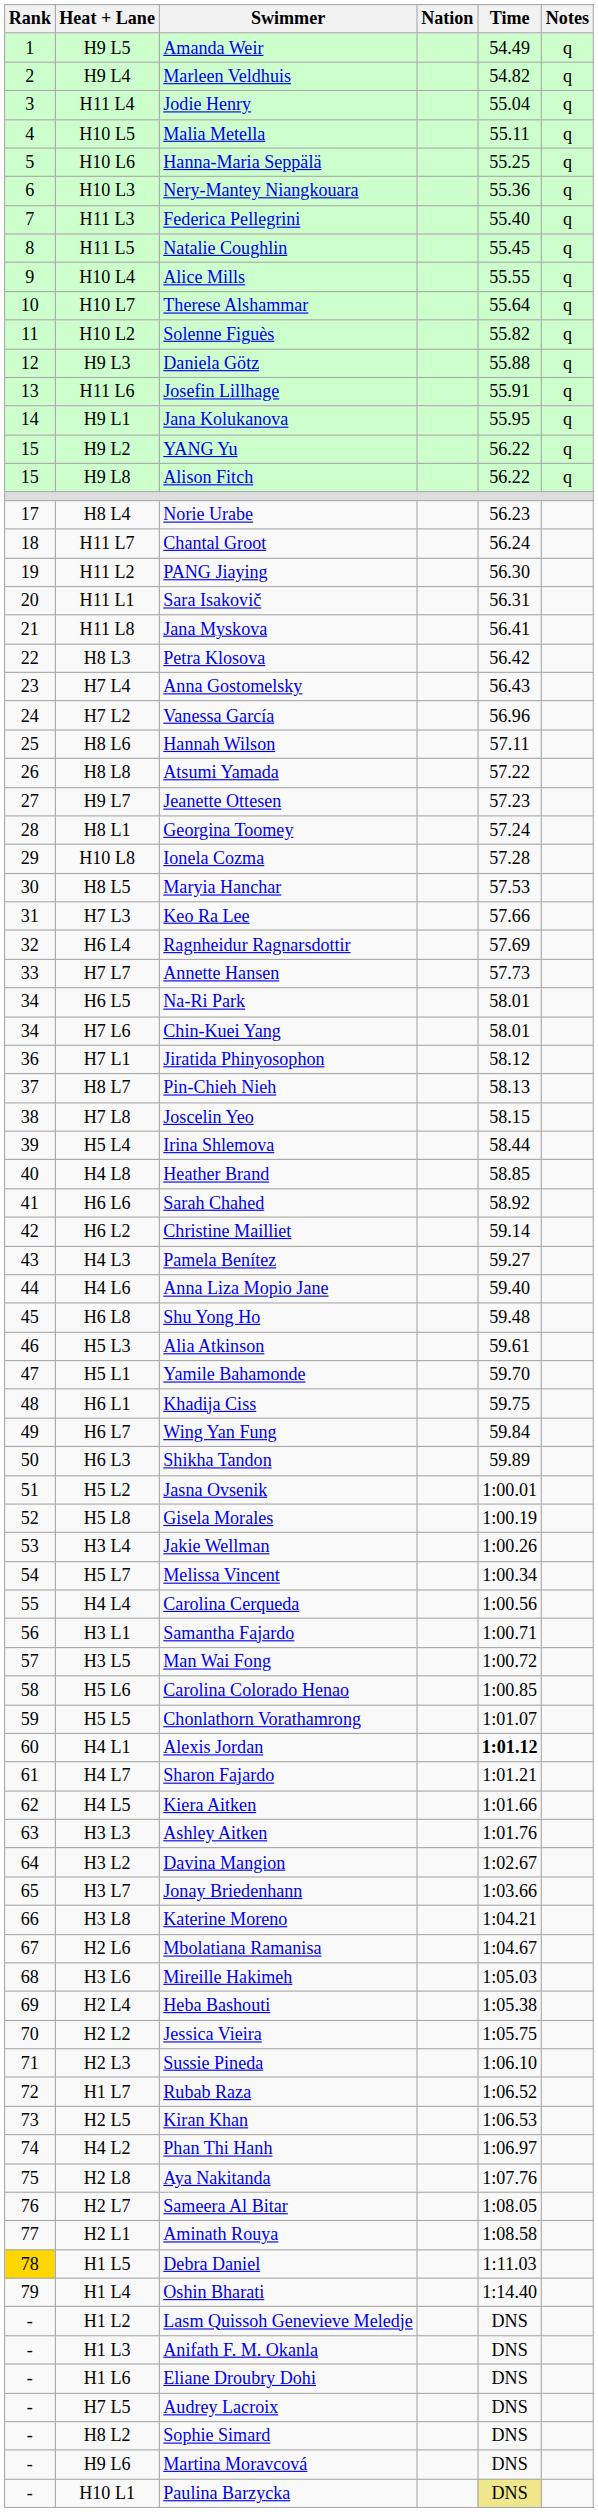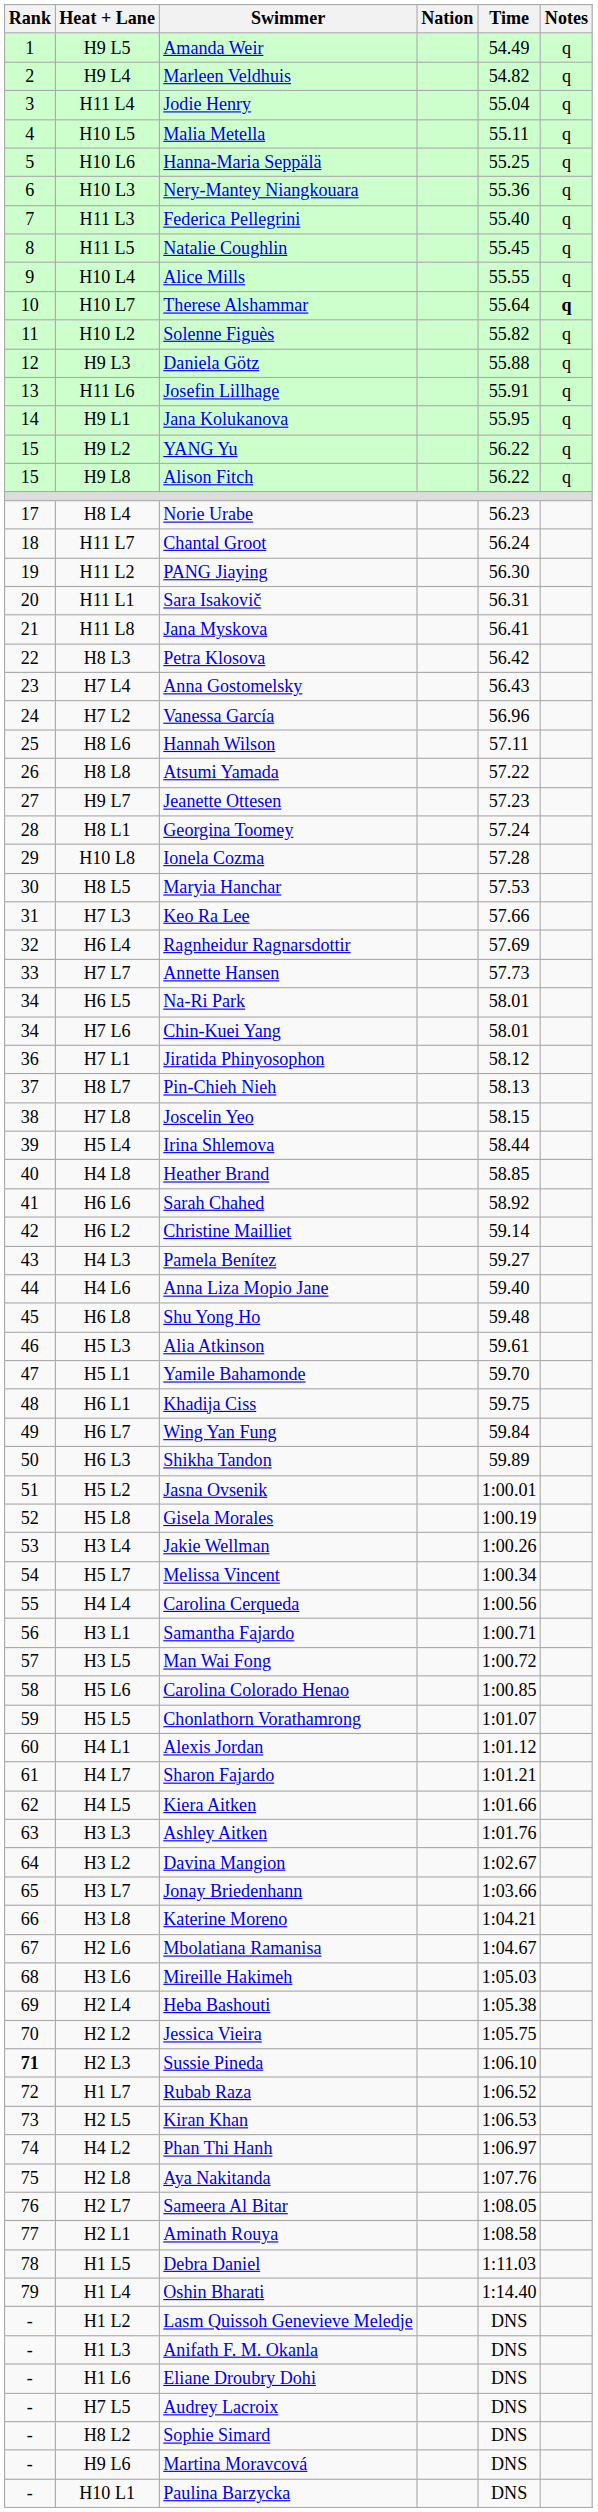 <table class="wikitable sortable" style="text-align:center">
 <tr>
 <th>Rank</th>
 <th>Heat + Lane</th>
 <th>Swimmer</th>
 <th>Nation</th>
 <th>Time</th>
 <th>Notes</th>
 </tr>
 <tr bgcolor=ccffcc>
 <td>1</td>
 <td>H9 L5</td>
 <td align=left><a href='#'>Amanda Weir</a></td>
 <td align=left></td>
 <td>54.49</td>
 <td>q</td>
 </tr>
 <tr bgcolor=ccffcc>
 <td>2</td>
 <td>H9 L4</td>
 <td align=left><a href='#'>Marleen Veldhuis</a></td>
 <td align=left></td>
 <td>54.82</td>
 <td>q</td>
 </tr>
 <tr bgcolor=ccffcc>
 <td>3</td>
 <td>H11 L4</td>
 <td align=left><a href='#'>Jodie Henry</a></td>
 <td align=left></td>
 <td>55.04</td>
 <td>q</td>
 </tr>
 <tr bgcolor=ccffcc>
 <td>4</td>
 <td>H10 L5</td>
 <td align=left><a href='#'>Malia Metella</a></td>
 <td align=left></td>
 <td>55.11</td>
 <td>q</td>
 </tr>
 <tr bgcolor=ccffcc>
 <td>5</td>
 <td>H10 L6</td>
 <td align=left><a href='#'>Hanna-Maria Seppälä</a></td>
 <td align=left></td>
 <td>55.25</td>
 <td>q</td>
 </tr>
 <tr bgcolor=ccffcc>
 <td>6</td>
 <td>H10 L3</td>
 <td align=left><a href='#'>Nery-Mantey Niangkouara</a></td>
 <td align=left></td>
 <td>55.36</td>
 <td>q</td>
 </tr>
 <tr bgcolor=ccffcc>
 <td>7</td>
 <td>H11 L3</td>
 <td align=left><a href='#'>Federica Pellegrini</a></td>
 <td align=left></td>
 <td>55.40</td>
 <td>q</td>
 </tr>
 <tr bgcolor=ccffcc>
 <td>8</td>
 <td>H11 L5</td>
 <td align=left><a href='#'>Natalie Coughlin</a></td>
 <td align=left></td>
 <td>55.45</td>
 <td>q</td>
 </tr>
 <tr bgcolor=ccffcc>
 <td>9</td>
 <td>H10 L4</td>
 <td align=left><a href='#'>Alice Mills</a></td>
 <td align=left></td>
 <td>55.55</td>
 <td>q</td>
 </tr>
 <tr bgcolor=ccffcc>
 <td>10</td>
 <td>H10 L7</td>
 <td align=left><a href='#'>Therese Alshammar</a></td>
 <td align=left></td>
 <td>55.64</td>
-<td>q</td>
+<td><strong>q</strong></td>
 </tr>
 <tr bgcolor=ccffcc>
 <td>11</td>
 <td>H10 L2</td>
 <td align=left><a href='#'>Solenne Figuès</a></td>
 <td align=left></td>
 <td>55.82</td>
 <td>q</td>
 </tr>
 <tr bgcolor=ccffcc>
 <td>12</td>
 <td>H9 L3</td>
 <td align=left><a href='#'>Daniela Götz</a></td>
 <td align=left></td>
 <td>55.88</td>
 <td>q</td>
 </tr>
 <tr bgcolor=ccffcc>
 <td>13</td>
 <td>H11 L6</td>
 <td align=left><a href='#'>Josefin Lillhage</a></td>
 <td align=left></td>
 <td>55.91</td>
 <td>q</td>
 </tr>
 <tr bgcolor=ccffcc>
 <td>14</td>
 <td>H9 L1</td>
 <td align=left><a href='#'>Jana Kolukanova</a></td>
 <td align=left></td>
 <td>55.95</td>
 <td>q</td>
 </tr>
 <tr bgcolor=ccffcc>
 <td>15</td>
 <td>H9 L2</td>
 <td align=left><a href='#'>YANG Yu</a></td>
 <td align=left></td>
 <td>56.22</td>
 <td>q</td>
 </tr>
 <tr bgcolor=ccffcc>
 <td>15</td>
 <td>H9 L8</td>
 <td align=left><a href='#'>Alison Fitch</a></td>
 <td align=left></td>
 <td>56.22</td>
 <td>q</td>
 </tr>
 <tr bgcolor=#DDDDDD>
 <td colspan=6></td>
 </tr>
 <tr>
 <td>17</td>
 <td>H8 L4</td>
 <td align=left><a href='#'>Norie Urabe</a></td>
 <td align=left></td>
 <td>56.23</td>
 <td></td>
 </tr>
 <tr>
 <td>18</td>
 <td>H11 L7</td>
 <td align=left><a href='#'>Chantal Groot</a></td>
 <td align=left></td>
 <td>56.24</td>
 <td></td>
 </tr>
 <tr>
 <td>19</td>
 <td>H11 L2</td>
 <td align=left><a href='#'>PANG Jiaying</a></td>
 <td align=left></td>
 <td>56.30</td>
 <td></td>
 </tr>
 <tr>
 <td>20</td>
 <td>H11 L1</td>
 <td align=left><a href='#'>Sara Isakovič</a></td>
 <td align=left></td>
 <td>56.31</td>
 <td></td>
 </tr>
 <tr>
 <td>21</td>
 <td>H11 L8</td>
 <td align=left><a href='#'>Jana Myskova</a></td>
 <td align=left></td>
 <td>56.41</td>
 <td></td>
 </tr>
 <tr>
 <td>22</td>
 <td>H8 L3</td>
 <td align=left><a href='#'>Petra Klosova</a></td>
 <td align=left></td>
 <td>56.42</td>
 <td></td>
 </tr>
 <tr>
 <td>23</td>
 <td>H7 L4</td>
 <td align=left><a href='#'>Anna Gostomelsky</a></td>
 <td align=left></td>
 <td>56.43</td>
 <td></td>
 </tr>
 <tr>
 <td>24</td>
 <td>H7 L2</td>
 <td align=left><a href='#'>Vanessa García</a></td>
 <td align=left></td>
 <td>56.96</td>
 <td></td>
 </tr>
 <tr>
 <td>25</td>
 <td>H8 L6</td>
 <td align=left><a href='#'>Hannah Wilson</a></td>
 <td align=left></td>
 <td>57.11</td>
 <td></td>
 </tr>
 <tr>
 <td>26</td>
 <td>H8 L8</td>
 <td align=left><a href='#'>Atsumi Yamada</a></td>
 <td align=left></td>
 <td>57.22</td>
 <td></td>
 </tr>
 <tr>
 <td>27</td>
 <td>H9 L7</td>
 <td align=left><a href='#'>Jeanette Ottesen</a></td>
 <td align=left></td>
 <td>57.23</td>
 <td></td>
 </tr>
 <tr>
 <td>28</td>
 <td>H8 L1</td>
 <td align=left><a href='#'>Georgina Toomey</a></td>
 <td align=left></td>
 <td>57.24</td>
 <td></td>
 </tr>
 <tr>
 <td>29</td>
 <td>H10 L8</td>
 <td align=left><a href='#'>Ionela Cozma</a></td>
 <td align=left></td>
 <td>57.28</td>
 <td></td>
 </tr>
 <tr>
 <td>30</td>
 <td>H8 L5</td>
 <td align=left><a href='#'>Maryia Hanchar</a></td>
 <td align=left></td>
 <td>57.53</td>
 <td></td>
 </tr>
 <tr>
 <td>31</td>
 <td>H7 L3</td>
 <td align=left><a href='#'>Keo Ra Lee</a></td>
 <td align=left></td>
 <td>57.66</td>
 <td></td>
 </tr>
 <tr>
 <td>32</td>
 <td>H6 L4</td>
 <td align=left><a href='#'>Ragnheidur Ragnarsdottir</a></td>
 <td align=left></td>
 <td>57.69</td>
 <td></td>
 </tr>
 <tr>
 <td>33</td>
 <td>H7 L7</td>
 <td align=left><a href='#'>Annette Hansen</a></td>
 <td align=left></td>
 <td>57.73</td>
 <td></td>
 </tr>
 <tr>
 <td>34</td>
 <td>H6 L5</td>
 <td align=left><a href='#'>Na-Ri Park</a></td>
 <td align=left></td>
 <td>58.01</td>
 <td></td>
 </tr>
 <tr>
 <td>34</td>
 <td>H7 L6</td>
 <td align=left><a href='#'>Chin-Kuei Yang</a></td>
 <td align=left></td>
 <td>58.01</td>
 <td></td>
 </tr>
 <tr>
 <td>36</td>
 <td>H7 L1</td>
 <td align=left><a href='#'>Jiratida Phinyosophon</a></td>
 <td align=left></td>
 <td>58.12</td>
 <td></td>
 </tr>
 <tr>
 <td>37</td>
 <td>H8 L7</td>
 <td align=left><a href='#'>Pin-Chieh Nieh</a></td>
 <td align=left></td>
 <td>58.13</td>
 <td></td>
 </tr>
 <tr>
 <td>38</td>
 <td>H7 L8</td>
 <td align=left><a href='#'>Joscelin Yeo</a></td>
 <td align=left></td>
 <td>58.15</td>
 <td></td>
 </tr>
 <tr>
 <td>39</td>
 <td>H5 L4</td>
 <td align=left><a href='#'>Irina Shlemova</a></td>
 <td align=left></td>
 <td>58.44</td>
 <td></td>
 </tr>
 <tr>
 <td>40</td>
 <td>H4 L8</td>
 <td align=left><a href='#'>Heather Brand</a></td>
 <td align=left></td>
 <td>58.85</td>
 <td></td>
 </tr>
 <tr>
 <td>41</td>
 <td>H6 L6</td>
 <td align=left><a href='#'>Sarah Chahed</a></td>
 <td align=left></td>
 <td>58.92</td>
 <td></td>
 </tr>
 <tr>
 <td>42</td>
 <td>H6 L2</td>
 <td align=left><a href='#'>Christine Mailliet</a></td>
 <td align=left></td>
 <td>59.14</td>
 <td></td>
 </tr>
 <tr>
 <td>43</td>
 <td>H4 L3</td>
 <td align=left><a href='#'>Pamela Benítez</a></td>
 <td align=left></td>
 <td>59.27</td>
 <td></td>
 </tr>
 <tr>
 <td>44</td>
 <td>H4 L6</td>
 <td align=left><a href='#'>Anna Liza Mopio Jane</a></td>
 <td align=left></td>
 <td>59.40</td>
 <td></td>
 </tr>
 <tr>
 <td>45</td>
 <td>H6 L8</td>
 <td align=left><a href='#'>Shu Yong Ho</a></td>
 <td align=left></td>
 <td>59.48</td>
 <td></td>
 </tr>
 <tr>
 <td>46</td>
 <td>H5 L3</td>
 <td align=left><a href='#'>Alia Atkinson</a></td>
 <td align=left></td>
 <td>59.61</td>
 <td></td>
 </tr>
 <tr>
 <td>47</td>
 <td>H5 L1</td>
 <td align=left><a href='#'>Yamile Bahamonde</a></td>
 <td align=left></td>
 <td>59.70</td>
 <td></td>
 </tr>
 <tr>
 <td>48</td>
 <td>H6 L1</td>
 <td align=left><a href='#'>Khadija Ciss</a></td>
 <td align=left></td>
 <td>59.75</td>
 <td></td>
 </tr>
 <tr>
 <td>49</td>
 <td>H6 L7</td>
 <td align=left><a href='#'>Wing Yan Fung</a></td>
 <td align=left></td>
 <td>59.84</td>
 <td></td>
 </tr>
 <tr>
 <td>50</td>
 <td>H6 L3</td>
 <td align=left><a href='#'>Shikha Tandon</a></td>
 <td align=left></td>
 <td>59.89</td>
 <td></td>
 </tr>
 <tr>
 <td>51</td>
 <td>H5 L2</td>
 <td align=left><a href='#'>Jasna Ovsenik</a></td>
 <td align=left></td>
 <td>1:00.01</td>
 <td></td>
 </tr>
 <tr>
 <td>52</td>
 <td>H5 L8</td>
 <td align=left><a href='#'>Gisela Morales</a></td>
 <td align=left></td>
 <td>1:00.19</td>
 <td></td>
 </tr>
 <tr>
 <td>53</td>
 <td>H3 L4</td>
 <td align=left><a href='#'>Jakie Wellman</a></td>
 <td align=left></td>
 <td>1:00.26</td>
 <td></td>
 </tr>
 <tr>
 <td>54</td>
 <td>H5 L7</td>
 <td align=left><a href='#'>Melissa Vincent</a></td>
 <td align=left></td>
 <td>1:00.34</td>
 <td></td>
 </tr>
 <tr>
 <td>55</td>
 <td>H4 L4</td>
 <td align=left><a href='#'>Carolina Cerqueda</a></td>
 <td align=left></td>
 <td>1:00.56</td>
 <td></td>
 </tr>
 <tr>
 <td>56</td>
 <td>H3 L1</td>
 <td align=left><a href='#'>Samantha Fajardo</a></td>
 <td align=left></td>
 <td>1:00.71</td>
 <td></td>
 </tr>
 <tr>
 <td>57</td>
 <td>H3 L5</td>
 <td align=left><a href='#'>Man Wai Fong</a></td>
 <td align=left></td>
 <td>1:00.72</td>
 <td></td>
 </tr>
 <tr>
 <td>58</td>
 <td>H5 L6</td>
 <td align=left><a href='#'>Carolina Colorado Henao</a></td>
 <td align=left></td>
 <td>1:00.85</td>
 <td></td>
 </tr>
 <tr>
 <td>59</td>
 <td>H5 L5</td>
 <td align=left><a href='#'>Chonlathorn Vorathamrong</a></td>
 <td align=left></td>
 <td>1:01.07</td>
 <td></td>
 </tr>
 <tr>
 <td>60</td>
 <td>H4 L1</td>
 <td align=left><a href='#'>Alexis Jordan</a></td>
 <td align=left></td>
-<td><strong>1:01.12</strong></td>
+<td>1:01.12</td>
 <td></td>
 </tr>
 <tr>
 <td>61</td>
 <td>H4 L7</td>
 <td align=left><a href='#'>Sharon Fajardo</a></td>
 <td align=left></td>
 <td>1:01.21</td>
 <td></td>
 </tr>
 <tr>
 <td>62</td>
 <td>H4 L5</td>
 <td align=left><a href='#'>Kiera Aitken</a></td>
 <td align=left></td>
 <td>1:01.66</td>
 <td></td>
 </tr>
 <tr>
 <td>63</td>
 <td>H3 L3</td>
 <td align=left><a href='#'>Ashley Aitken</a></td>
 <td align=left></td>
 <td>1:01.76</td>
 <td></td>
 </tr>
 <tr>
 <td>64</td>
 <td>H3 L2</td>
 <td align=left><a href='#'>Davina Mangion</a></td>
 <td align=left></td>
 <td>1:02.67</td>
 <td></td>
 </tr>
 <tr>
 <td>65</td>
 <td>H3 L7</td>
 <td align=left><a href='#'>Jonay Briedenhann</a></td>
 <td align=left></td>
 <td>1:03.66</td>
 <td></td>
 </tr>
 <tr>
 <td>66</td>
 <td>H3 L8</td>
 <td align=left><a href='#'>Katerine Moreno</a></td>
 <td align=left></td>
 <td>1:04.21</td>
 <td></td>
 </tr>
 <tr>
 <td>67</td>
 <td>H2 L6</td>
 <td align=left><a href='#'>Mbolatiana Ramanisa</a></td>
 <td align=left></td>
 <td>1:04.67</td>
 <td></td>
 </tr>
 <tr>
 <td>68</td>
 <td>H3 L6</td>
 <td align=left><a href='#'>Mireille Hakimeh</a></td>
 <td align=left></td>
 <td>1:05.03</td>
 <td></td>
 </tr>
 <tr>
 <td>69</td>
 <td>H2 L4</td>
 <td align=left><a href='#'>Heba Bashouti</a></td>
 <td align=left></td>
 <td>1:05.38</td>
 <td></td>
 </tr>
 <tr>
 <td>70</td>
 <td>H2 L2</td>
 <td align=left><a href='#'>Jessica Vieira</a></td>
 <td align=left></td>
 <td>1:05.75</td>
 <td></td>
 </tr>
 <tr>
-<td>71</td>
+<td><strong>71</strong></td>
 <td>H2 L3</td>
 <td align=left><a href='#'>Sussie Pineda</a></td>
 <td align=left></td>
 <td>1:06.10</td>
 <td></td>
 </tr>
 <tr>
 <td>72</td>
 <td>H1 L7</td>
 <td align=left><a href='#'>Rubab Raza</a></td>
 <td align=left></td>
 <td>1:06.52</td>
 <td></td>
 </tr>
 <tr>
 <td>73</td>
 <td>H2 L5</td>
 <td align=left><a href='#'>Kiran Khan</a></td>
 <td align=left></td>
 <td>1:06.53</td>
 <td></td>
 </tr>
 <tr>
 <td>74</td>
 <td>H4 L2</td>
 <td align=left><a href='#'>Phan Thi Hanh</a></td>
 <td align=left></td>
 <td>1:06.97</td>
 <td></td>
 </tr>
 <tr>
 <td>75</td>
 <td>H2 L8</td>
 <td align=left><a href='#'>Aya Nakitanda</a></td>
 <td align=left></td>
 <td>1:07.76</td>
 <td></td>
 </tr>
 <tr>
 <td>76</td>
 <td>H2 L7</td>
 <td align=left><a href='#'>Sameera Al Bitar</a></td>
 <td align=left></td>
 <td>1:08.05</td>
 <td></td>
 </tr>
 <tr>
 <td>77</td>
 <td>H2 L1</td>
 <td align=left><a href='#'>Aminath Rouya</a></td>
 <td align=left></td>
 <td>1:08.58</td>
 <td></td>
 </tr>
 <tr>
-<td style="background: gold;">78</td>
+<td>78</td>
 <td>H1 L5</td>
 <td align=left><a href='#'>Debra Daniel</a></td>
 <td align=left></td>
 <td>1:11.03</td>
 <td></td>
 </tr>
 <tr>
 <td>79</td>
 <td>H1 L4</td>
 <td align=left><a href='#'>Oshin Bharati</a></td>
 <td align=left></td>
 <td>1:14.40</td>
 <td></td>
 </tr>
 <tr>
 <td>-</td>
 <td>H1 L2</td>
 <td align=left><a href='#'>Lasm Quissoh Genevieve Meledje</a></td>
 <td align=left></td>
 <td>DNS</td>
 <td></td>
 </tr>
 <tr>
 <td>-</td>
 <td>H1 L3</td>
 <td align=left><a href='#'>Anifath F. M. Okanla</a></td>
 <td align=left></td>
 <td>DNS</td>
 <td></td>
 </tr>
 <tr>
 <td>-</td>
 <td>H1 L6</td>
 <td align=left><a href='#'>Eliane Droubry Dohi</a></td>
 <td align=left></td>
 <td>DNS</td>
 <td></td>
 </tr>
 <tr>
 <td>-</td>
 <td>H7 L5</td>
 <td align=left><a href='#'>Audrey Lacroix</a></td>
 <td align=left></td>
 <td>DNS</td>
 <td></td>
 </tr>
 <tr>
 <td>-</td>
 <td>H8 L2</td>
 <td align=left><a href='#'>Sophie Simard</a></td>
 <td align=left></td>
 <td>DNS</td>
 <td></td>
 </tr>
 <tr>
 <td>-</td>
 <td>H9 L6</td>
 <td align=left><a href='#'>Martina Moravcová</a></td>
 <td align=left></td>
 <td>DNS</td>
 <td></td>
 </tr>
 <tr>
 <td>-</td>
 <td>H10 L1</td>
 <td align=left><a href='#'>Paulina Barzycka</a></td>
 <td align=left></td>
-<td style="background: khaki;">DNS</td>
+<td>DNS</td>
 <td></td>
 </tr>
 <tr>
 </tr>
 </table>
